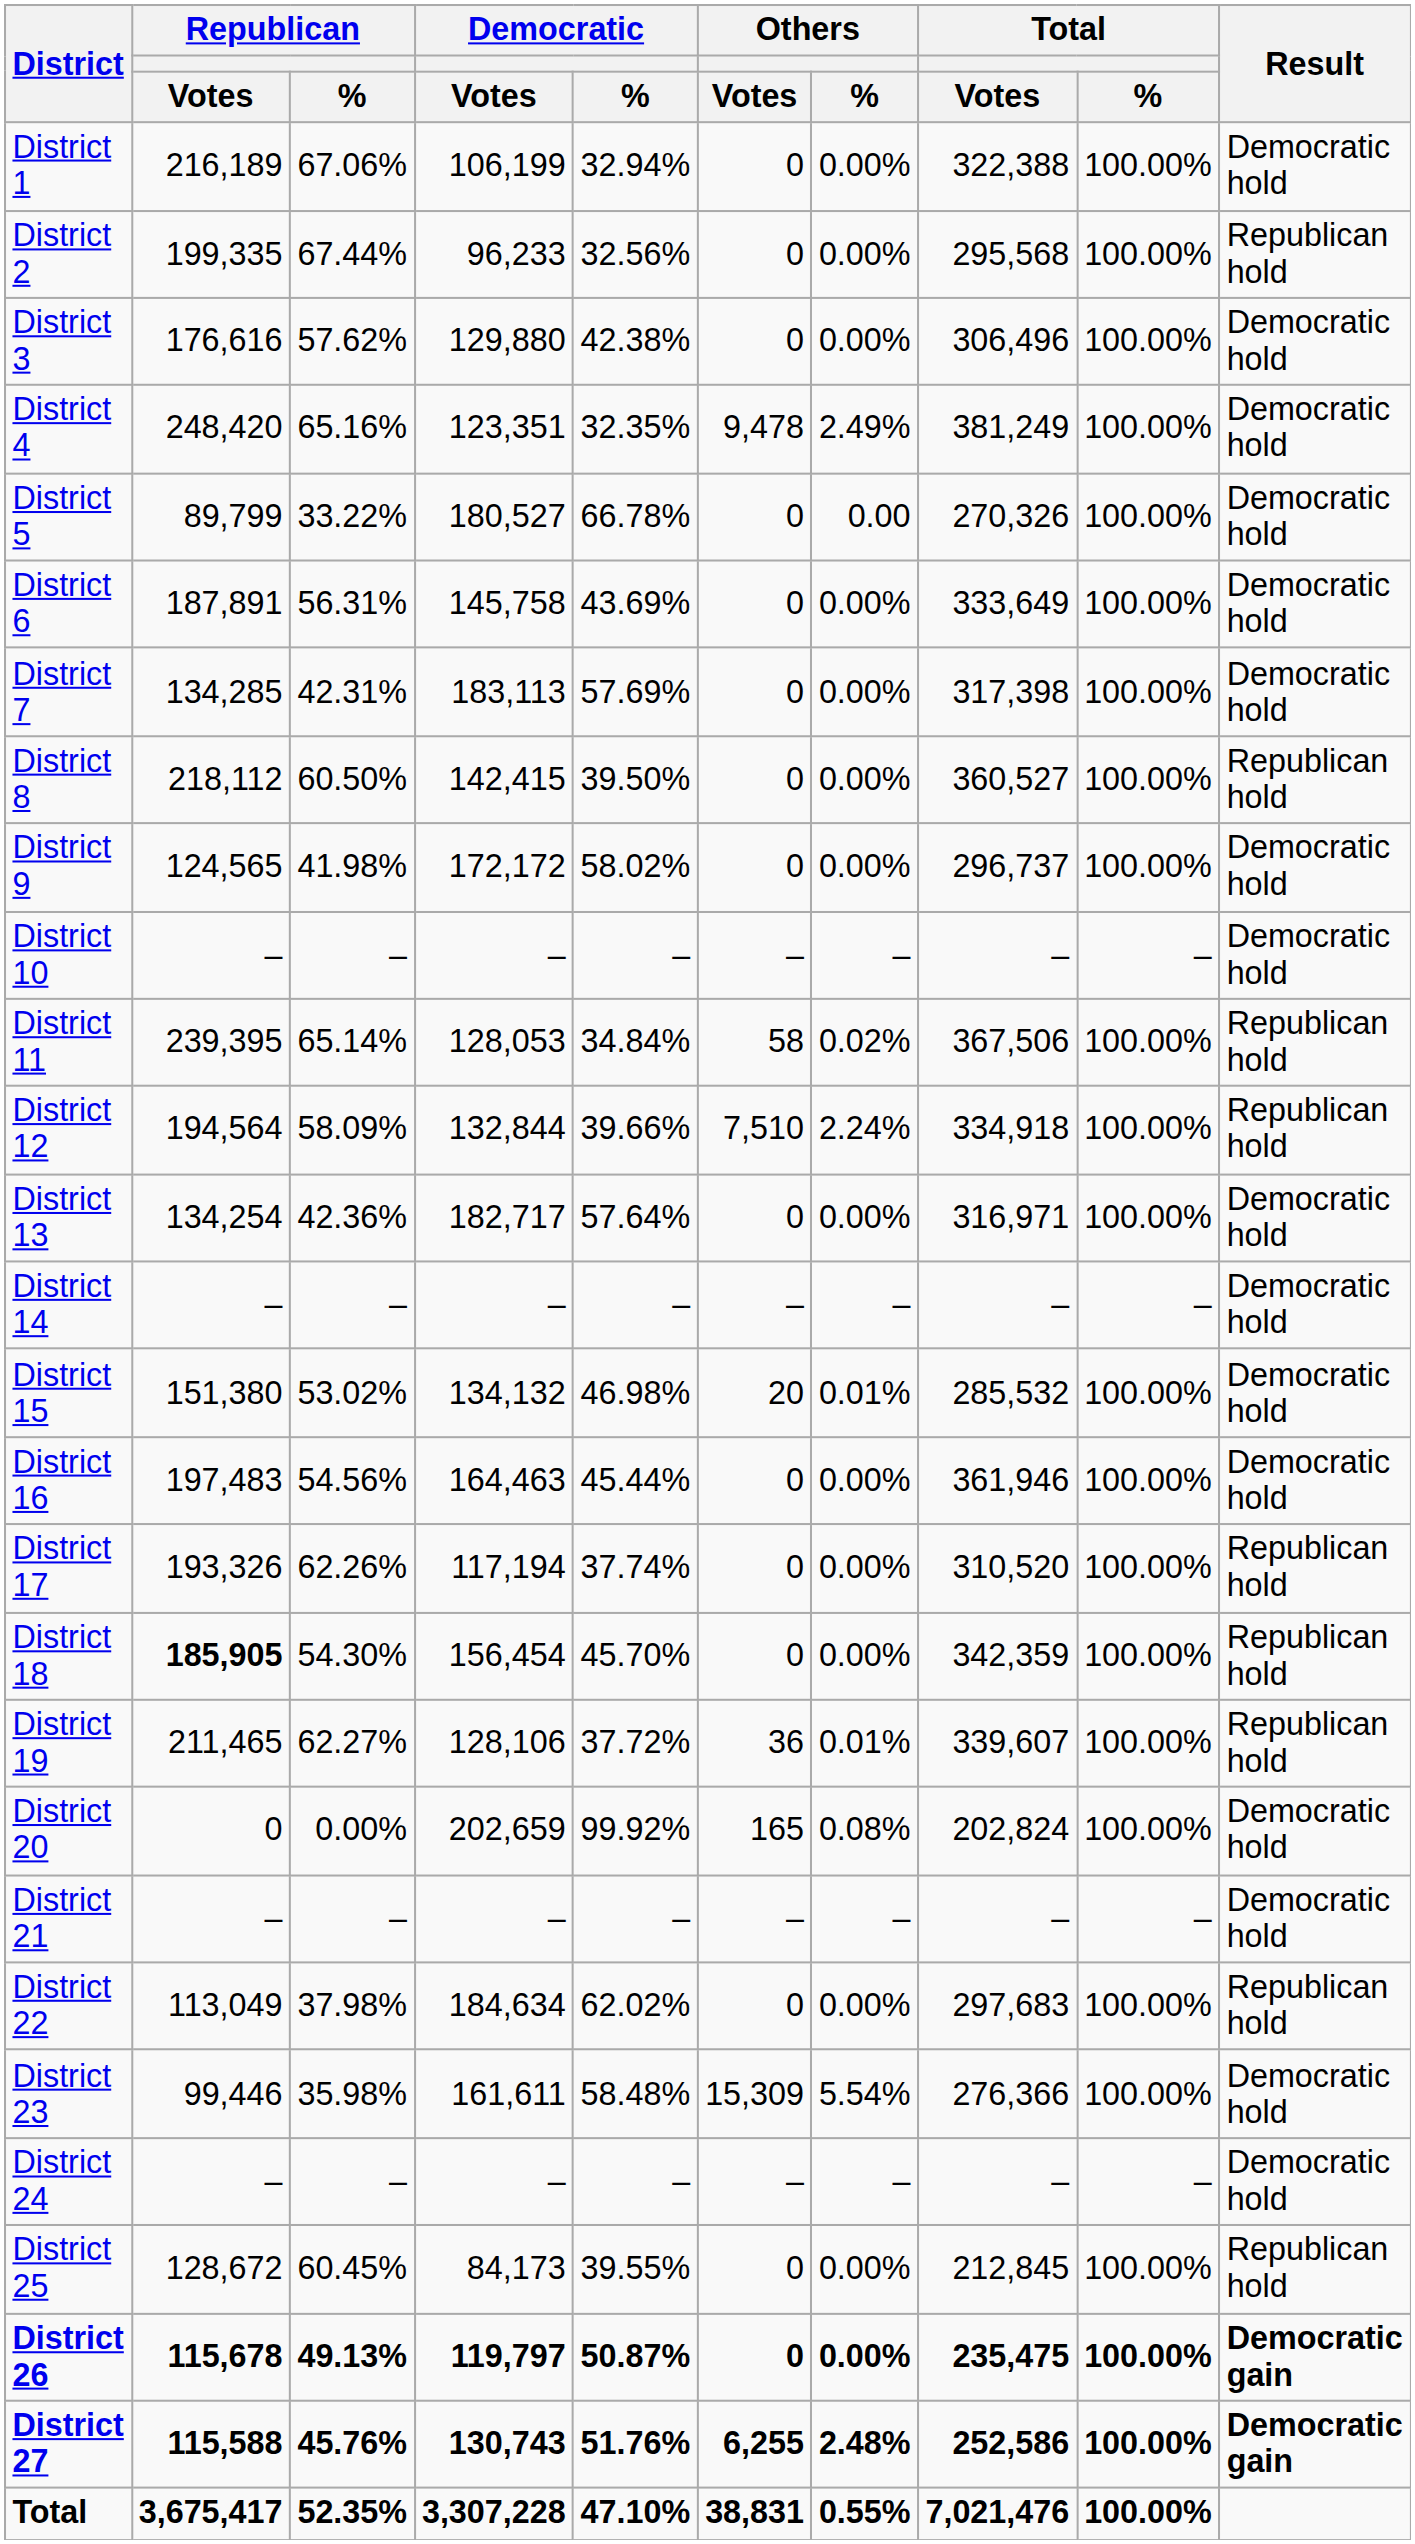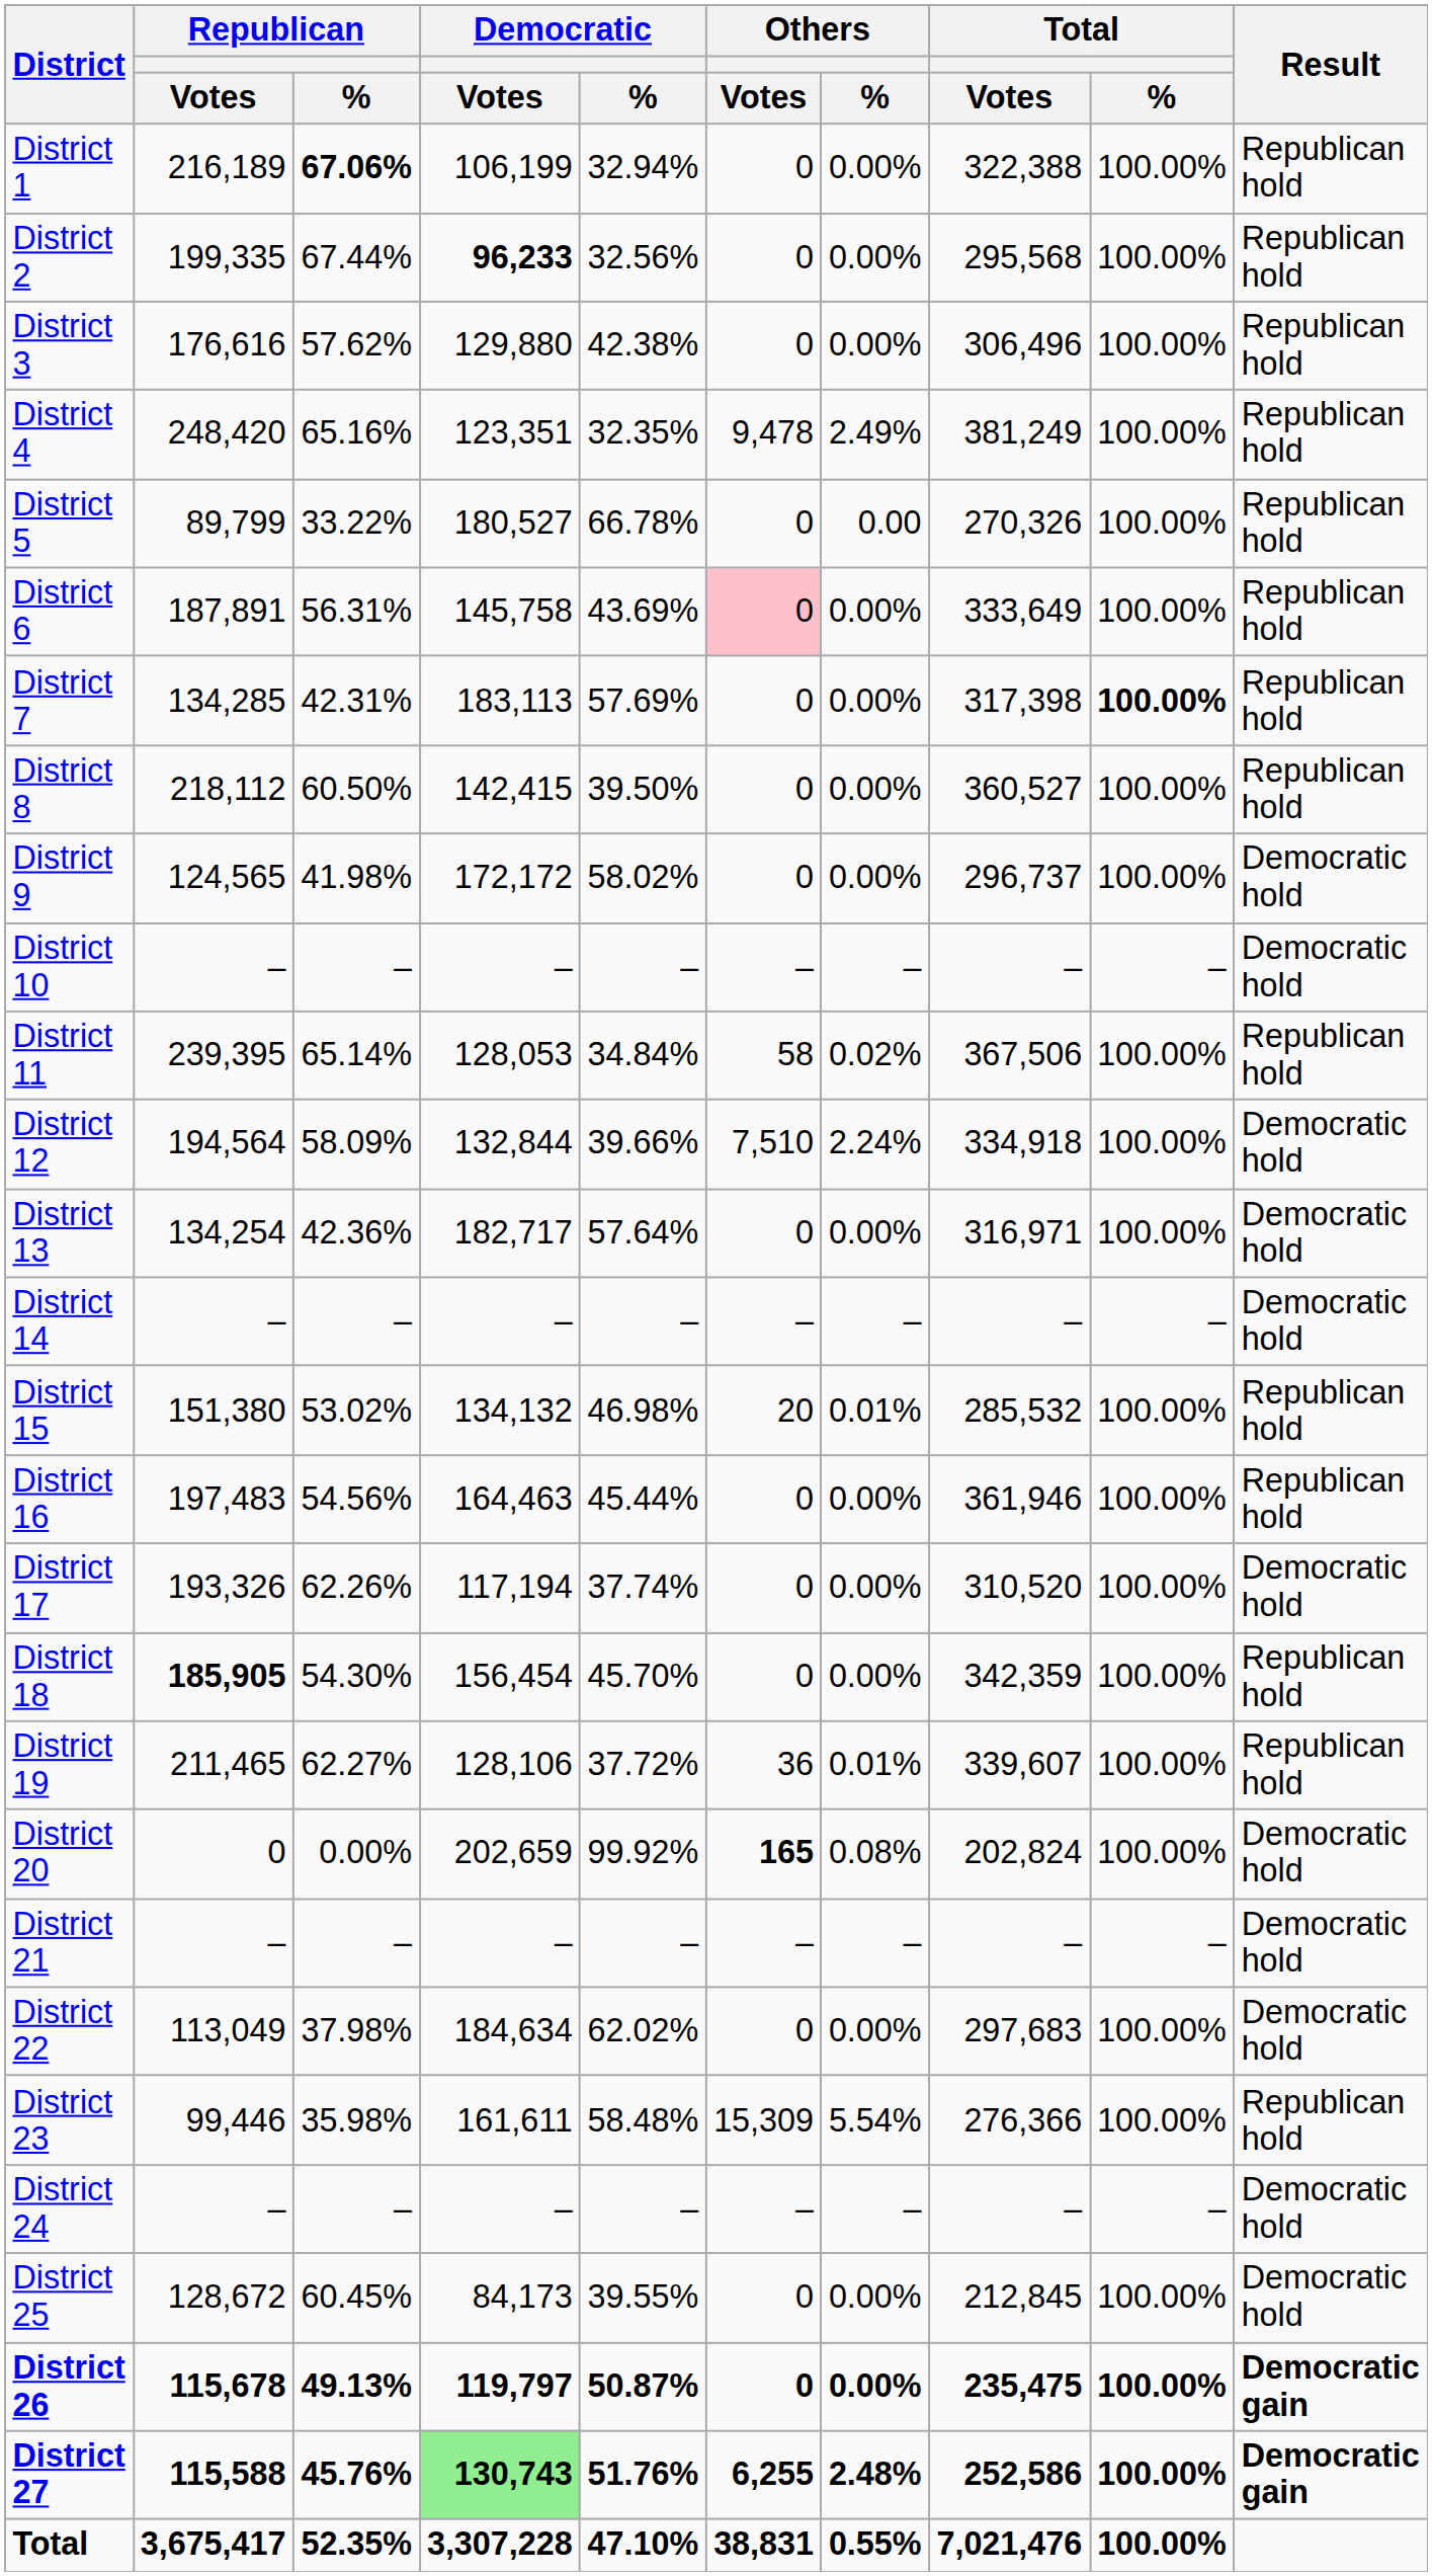 <table class="wikitable plainrowheaders sortable" style="font-size:100%; text-align:right;">
 <tr>
 <th scope=col rowspan=3><a href='#'>District</a></th>
 <th scope=col colspan=2><a href='#'>Republican</a></th>
 <th scope=col colspan=2><a href='#'>Democratic</a></th>
 <th scope=col colspan=2>Others</th>
 <th scope=col colspan=2>Total</th>
 <th scope=col rowspan=3>Result</th>
 </tr>
 <tr>
 <th scope=col colspan=2 style="background:"></th>
 <th scope=col colspan=2 style="background:"></th>
 <th scope=col colspan=2></th>
 <th scope=col colspan=2></th>
 </tr>
 <tr>
 <th scope=col data-sort-type="number">Votes</th>
 <th scope=col data-sort-type="number">%</th>
 <th scope=col data-sort-type="number">Votes</th>
 <th scope=col data-sort-type="number">%</th>
 <th scope=col data-sort-type="number">Votes</th>
 <th scope=col data-sort-type="number">%</th>
 <th scope=col data-sort-type="number">Votes</th>
 <th scope=col data-sort-type="number">%</th>
 </tr>
 <tr>
 <td align=left><a href='#'>District 1</a></td>
 <td>216,189</td>
-<td>67.06%</td>
+<td><strong>67.06%</strong></td>
 <td>106,199</td>
 <td>32.94%</td>
 <td>0</td>
 <td>0.00%</td>
 <td>322,388</td>
 <td>100.00%</td>
-<td align=left>Democratic hold</td>
+<td align=left>Republican hold</td>
 </tr>
 <tr>
 <td align=left><a href='#'>District 2</a></td>
 <td>199,335</td>
 <td>67.44%</td>
-<td>96,233</td>
+<td><strong>96,233</strong></td>
 <td>32.56%</td>
 <td>0</td>
 <td>0.00%</td>
 <td>295,568</td>
 <td>100.00%</td>
 <td align=left>Republican hold</td>
 </tr>
 <tr>
 <td align=left><a href='#'>District 3</a></td>
 <td>176,616</td>
 <td>57.62%</td>
 <td>129,880</td>
 <td>42.38%</td>
 <td>0</td>
 <td>0.00%</td>
 <td>306,496</td>
 <td>100.00%</td>
-<td align=left>Democratic hold</td>
+<td align=left>Republican hold</td>
 </tr>
 <tr>
 <td align=left><a href='#'>District 4</a></td>
 <td>248,420</td>
 <td>65.16%</td>
 <td>123,351</td>
 <td>32.35%</td>
 <td>9,478</td>
 <td>2.49%</td>
 <td>381,249</td>
 <td>100.00%</td>
-<td align=left>Democratic hold</td>
+<td align=left>Republican hold</td>
 </tr>
 <tr>
 <td align=left><a href='#'>District 5</a></td>
 <td>89,799</td>
 <td>33.22%</td>
 <td>180,527</td>
 <td>66.78%</td>
 <td>0</td>
 <td>0.00</td>
 <td>270,326</td>
 <td>100.00%</td>
-<td align=left>Democratic hold</td>
+<td align=left>Republican hold</td>
 </tr>
 <tr>
 <td align=left><a href='#'>District 6</a></td>
 <td>187,891</td>
 <td>56.31%</td>
 <td>145,758</td>
 <td>43.69%</td>
-<td>0</td>
+<td style="background: pink;">0</td>
 <td>0.00%</td>
 <td>333,649</td>
 <td>100.00%</td>
-<td align=left>Democratic hold</td>
+<td align=left>Republican hold</td>
 </tr>
 <tr>
 <td align=left><a href='#'>District 7</a></td>
 <td>134,285</td>
 <td>42.31%</td>
 <td>183,113</td>
 <td>57.69%</td>
 <td>0</td>
 <td>0.00%</td>
 <td>317,398</td>
-<td>100.00%</td>
-<td align=left>Democratic hold</td>
+<td><strong>100.00%</strong></td>
+<td align=left>Republican hold</td>
 </tr>
 <tr>
 <td align=left><a href='#'>District 8</a></td>
 <td>218,112</td>
 <td>60.50%</td>
 <td>142,415</td>
 <td>39.50%</td>
 <td>0</td>
 <td>0.00%</td>
 <td>360,527</td>
 <td>100.00%</td>
 <td align=left>Republican hold</td>
 </tr>
 <tr>
 <td align=left><a href='#'>District 9</a></td>
 <td>124,565</td>
 <td>41.98%</td>
 <td>172,172</td>
 <td>58.02%</td>
 <td>0</td>
 <td>0.00%</td>
 <td>296,737</td>
 <td>100.00%</td>
 <td align=left>Democratic hold</td>
 </tr>
 <tr>
 <td align=left><a href='#'>District 10</a></td>
 <td>–</td>
 <td>–</td>
 <td>–</td>
 <td>–</td>
 <td>–</td>
 <td>–</td>
 <td>–</td>
 <td>–</td>
 <td align=left>Democratic hold</td>
 </tr>
 <tr>
 <td align=left><a href='#'>District 11</a></td>
 <td>239,395</td>
 <td>65.14%</td>
 <td>128,053</td>
 <td>34.84%</td>
 <td>58</td>
 <td>0.02%</td>
 <td>367,506</td>
 <td>100.00%</td>
 <td align=left>Republican hold</td>
 </tr>
 <tr>
 <td align=left><a href='#'>District 12</a></td>
 <td>194,564</td>
 <td>58.09%</td>
 <td>132,844</td>
 <td>39.66%</td>
 <td>7,510</td>
 <td>2.24%</td>
 <td>334,918</td>
 <td>100.00%</td>
-<td align=left>Republican hold</td>
+<td align=left>Democratic hold</td>
 </tr>
 <tr>
 <td align=left><a href='#'>District 13</a></td>
 <td>134,254</td>
 <td>42.36%</td>
 <td>182,717</td>
 <td>57.64%</td>
 <td>0</td>
 <td>0.00%</td>
 <td>316,971</td>
 <td>100.00%</td>
 <td align=left>Democratic hold</td>
 </tr>
 <tr>
 <td align=left><a href='#'>District 14</a></td>
 <td>–</td>
 <td>–</td>
 <td>–</td>
 <td>–</td>
 <td>–</td>
 <td>–</td>
 <td>–</td>
 <td>–</td>
 <td align=left>Democratic hold</td>
 </tr>
 <tr>
 <td align=left><a href='#'>District 15</a></td>
 <td>151,380</td>
 <td>53.02%</td>
 <td>134,132</td>
 <td>46.98%</td>
 <td>20</td>
 <td>0.01%</td>
 <td>285,532</td>
 <td>100.00%</td>
-<td align=left>Democratic hold</td>
+<td align=left>Republican hold</td>
 </tr>
 <tr>
 <td align=left><a href='#'>District 16</a></td>
 <td>197,483</td>
 <td>54.56%</td>
 <td>164,463</td>
 <td>45.44%</td>
 <td>0</td>
 <td>0.00%</td>
 <td>361,946</td>
 <td>100.00%</td>
-<td align=left>Democratic hold</td>
+<td align=left>Republican hold</td>
 </tr>
 <tr>
 <td align=left><a href='#'>District 17</a></td>
 <td>193,326</td>
 <td>62.26%</td>
 <td>117,194</td>
 <td>37.74%</td>
 <td>0</td>
 <td>0.00%</td>
 <td>310,520</td>
 <td>100.00%</td>
-<td align=left>Republican hold</td>
+<td align=left>Democratic hold</td>
 </tr>
 <tr>
 <td align=left><a href='#'>District 18</a></td>
 <td><strong>185,905</strong></td>
 <td>54.30%</td>
 <td>156,454</td>
 <td>45.70%</td>
 <td>0</td>
 <td>0.00%</td>
 <td>342,359</td>
 <td>100.00%</td>
 <td align=left>Republican hold</td>
 </tr>
 <tr>
 <td align=left><a href='#'>District 19</a></td>
 <td>211,465</td>
 <td>62.27%</td>
 <td>128,106</td>
 <td>37.72%</td>
 <td>36</td>
 <td>0.01%</td>
 <td>339,607</td>
 <td>100.00%</td>
 <td align=left>Republican hold</td>
 </tr>
 <tr>
 <td align=left><a href='#'>District 20</a></td>
 <td>0</td>
 <td>0.00%</td>
 <td>202,659</td>
 <td>99.92%</td>
-<td>165</td>
+<td><strong>165</strong></td>
 <td>0.08%</td>
 <td>202,824</td>
 <td>100.00%</td>
 <td align=left>Democratic hold</td>
 </tr>
 <tr>
 <td align=left><a href='#'>District 21</a></td>
 <td>–</td>
 <td>–</td>
 <td>–</td>
 <td>–</td>
 <td>–</td>
 <td>–</td>
 <td>–</td>
 <td>–</td>
 <td align=left>Democratic hold</td>
 </tr>
 <tr>
 <td align=left><a href='#'>District 22</a></td>
 <td>113,049</td>
 <td>37.98%</td>
 <td>184,634</td>
 <td>62.02%</td>
 <td>0</td>
 <td>0.00%</td>
 <td>297,683</td>
 <td>100.00%</td>
-<td align=left>Republican hold</td>
+<td align=left>Democratic hold</td>
 </tr>
 <tr>
 <td align=left><a href='#'>District 23</a></td>
 <td>99,446</td>
 <td>35.98%</td>
 <td>161,611</td>
 <td>58.48%</td>
 <td>15,309</td>
 <td>5.54%</td>
 <td>276,366</td>
 <td>100.00%</td>
-<td align=left>Democratic hold</td>
+<td align=left>Republican hold</td>
 </tr>
 <tr>
 <td align=left><a href='#'>District 24</a></td>
 <td>–</td>
 <td>–</td>
 <td>–</td>
 <td>–</td>
 <td>–</td>
 <td>–</td>
 <td>–</td>
 <td>–</td>
 <td align=left>Democratic hold</td>
 </tr>
 <tr>
 <td align=left><a href='#'>District 25</a></td>
 <td>128,672</td>
 <td>60.45%</td>
 <td>84,173</td>
 <td>39.55%</td>
 <td>0</td>
 <td>0.00%</td>
 <td>212,845</td>
 <td>100.00%</td>
-<td align=left>Republican hold</td>
+<td align=left>Democratic hold</td>
 </tr>
 <tr>
 <td align=left><strong><a href='#'>District 26</a></strong></td>
 <td><strong>115,678</strong></td>
 <td><strong>49.13%</strong></td>
 <td><strong>119,797</strong></td>
 <td><strong>50.87%</strong></td>
 <td><strong>0</strong></td>
 <td><strong>0.00%</strong></td>
 <td><strong>235,475</strong></td>
 <td><strong>100.00%</strong></td>
 <td align=left><strong>Democratic gain</strong></td>
 </tr>
 <tr>
 <td align=left><strong><a href='#'>District 27</a></strong></td>
 <td><strong>115,588</strong></td>
 <td><strong>45.76%</strong></td>
-<td><strong>130,743</strong></td>
+<td style="background: lightgreen;"><strong>130,743</strong></td>
 <td><strong>51.76%</strong></td>
 <td><strong>6,255</strong></td>
 <td><strong>2.48%</strong></td>
 <td><strong>252,586</strong></td>
 <td><strong>100.00%</strong></td>
 <td align=left><strong>Democratic gain</strong></td>
 </tr>
 <tr class="sortbottom" style="font-weight:bold">
 <td align=left>Total</td>
 <td>3,675,417</td>
 <td>52.35%</td>
 <td>3,307,228</td>
 <td>47.10%</td>
 <td>38,831</td>
 <td>0.55%</td>
 <td>7,021,476</td>
 <td>100.00%</td>
 <td></td>
 </tr>
 </table>
